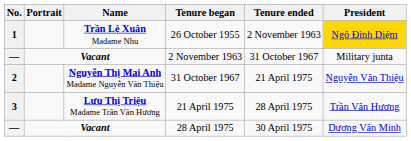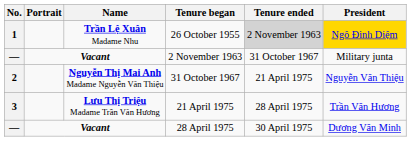 <table class="wikitable sortable" style="text-align:Center;">
 <tr>
 <th class="unsortable">No.</th>
 <th class="unsortable">Portrait</th>
 <th class="unsortable">Name</th>
 <th class="unsortable">Tenure began</th>
 <th class="unsortable">Tenure ended</th>
 <th class="unsortable">President</th>
 </tr>
 <tr>
 <th>1</th>
 <td></td>
 <td><strong><a href='#'>Trần Lệ Xuân</a></strong><br><small>Madame Nhu</small><br></td>
 <td>26 October 1955</td>
-<td>2 November 1963</td>
+<td style="background: lightgrey;">2 November 1963</td>
 <td style="background: gold;"><a href='#'>Ngô Đình Diệm</a></td>
 </tr>
 <tr>
 <th><strong>—</strong></th>
 <td colspan="2"><strong><em>Vacant</em></strong></td>
 <td>2 November 1963</td>
 <td>31 October 1967</td>
 <td>Military junta</td>
 </tr>
 <tr>
 <th>2</th>
 <td></td>
 <td><strong><a href='#'>Nguyễn Thị Mai Anh</a></strong><br><small>Madame Nguyễn Văn Thiệu</small><br></td>
 <td>31 October 1967</td>
 <td>21 April 1975</td>
 <td><a href='#'>Nguyễn Văn Thiệu</a></td>
 </tr>
 <tr>
 <th>3</th>
 <td></td>
 <td><strong><a href='#'>Lưu Thị Triệu</a></strong><br><small>Madame Trần Văn Hương</small><br></td>
 <td>21 April 1975</td>
 <td>28 April 1975</td>
 <td><a href='#'>Trần Văn Hương</a></td>
 </tr>
 <tr>
 <th><strong>—</strong></th>
 <td colspan="2"><strong><em>Vacant</em></strong></td>
 <td>28 April 1975</td>
 <td>30 April 1975</td>
 <td><a href='#'>Dương Văn Minh</a></td>
 </tr>
 </table>
